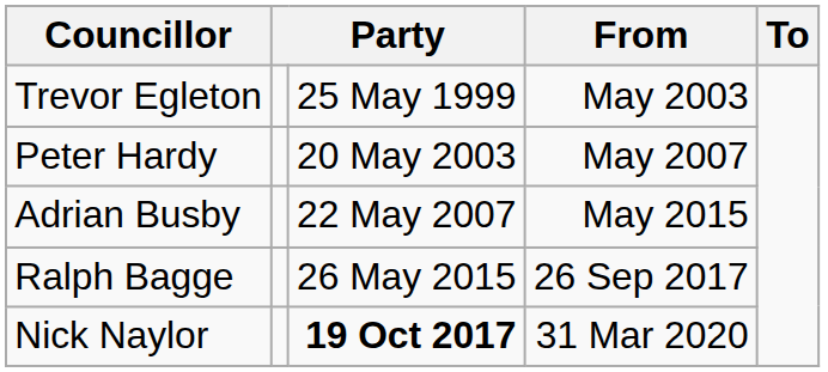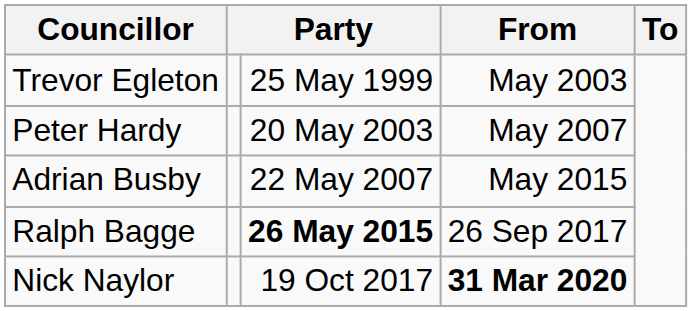 <table class=wikitable>
 <tr>
 <th>Councillor</th>
 <th colspan=2>Party</th>
 <th>From</th>
 <th>To</th>
 </tr>
 <tr>
 <td>Trevor Egleton</td>
 <td></td>
 <td align=right>25 May 1999</td>
 <td align=right>May 2003</td>
 </tr>
 <tr>
 <td>Peter Hardy</td>
 <td></td>
 <td align=right>20 May 2003</td>
 <td align=right>May 2007</td>
 </tr>
 <tr>
 <td>Adrian Busby</td>
 <td></td>
 <td align=right>22 May 2007</td>
 <td align=right>May 2015</td>
 </tr>
 <tr>
 <td>Ralph Bagge</td>
 <td></td>
-<td align=right>26 May 2015</td>
+<td align=right><strong>26 May 2015</strong></td>
 <td align=right>26 Sep 2017</td>
 </tr>
 <tr>
 <td>Nick Naylor</td>
 <td></td>
-<td align=right><strong>19 Oct 2017</strong></td>
-<td align=right>31 Mar 2020</td>
+<td align=right>19 Oct 2017</td>
+<td align=right><strong>31 Mar 2020</strong></td>
 </tr>
 </table>
